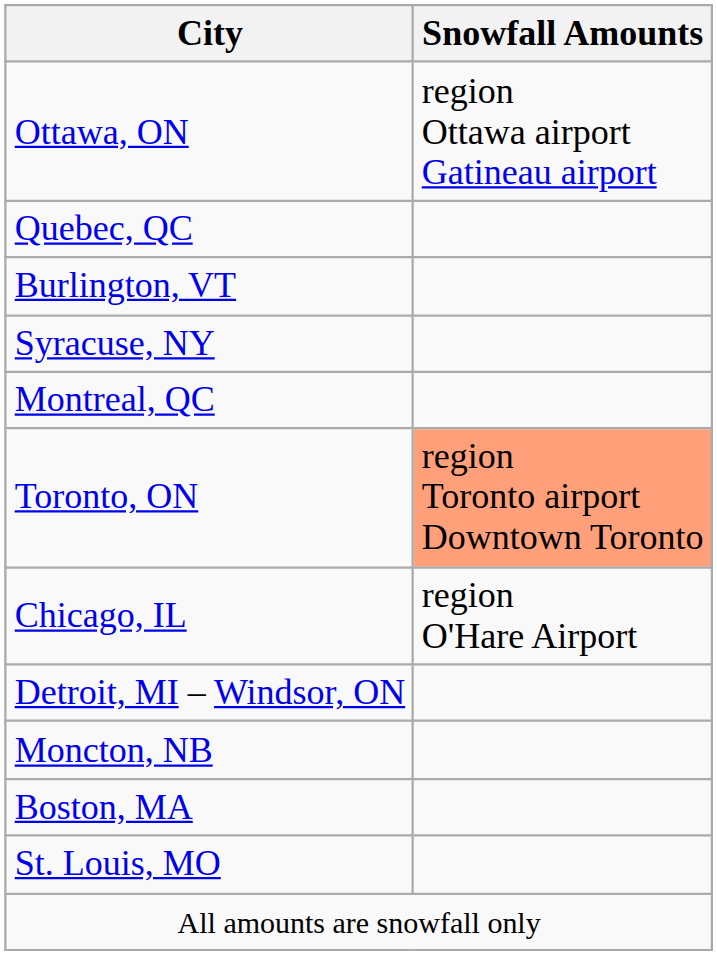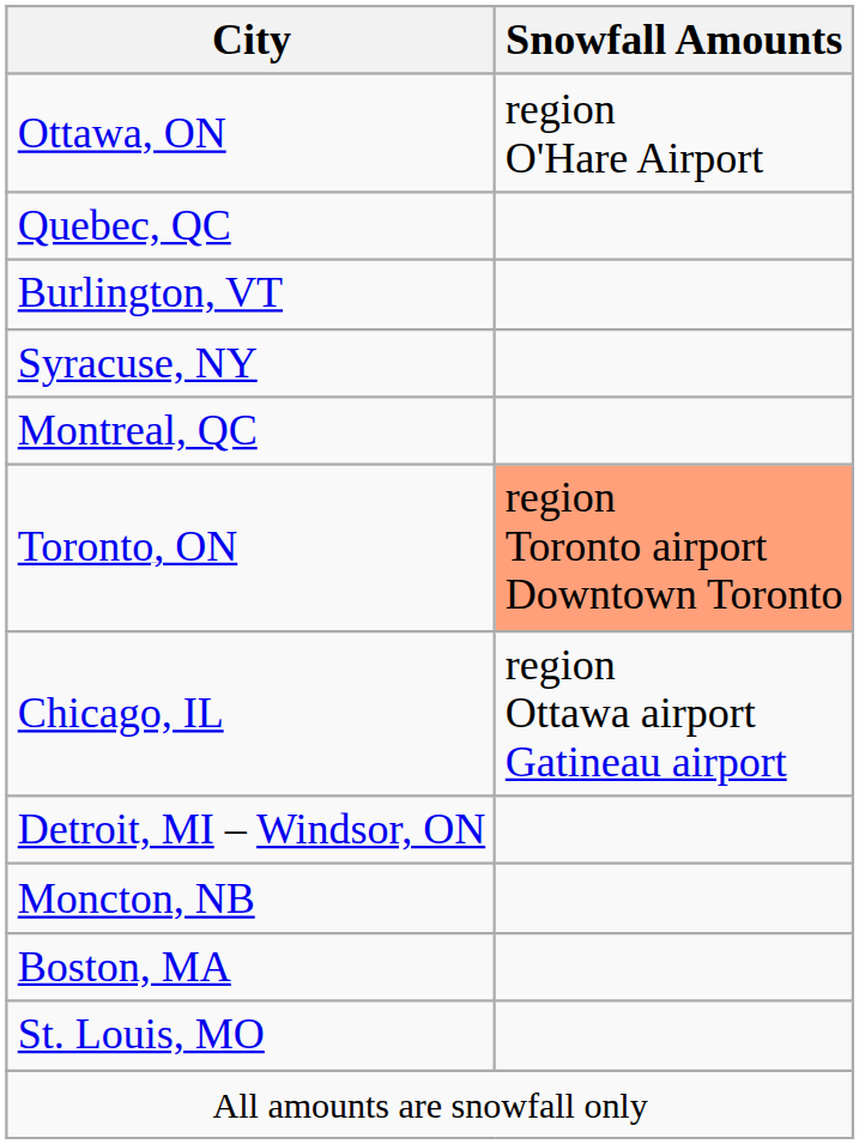 <table class="wikitable" style="margin:0.5em 0 0.5em 1em;float:right;clear:right;">
 <tr>
 <th>City</th>
 <th>Snowfall Amounts</th>
 </tr>
 <tr>
 <td><a href='#'>Ottawa, ON</a></td>
-<td> region <br> Ottawa airport <br>  <a href='#'>Gatineau airport</a></td>
+<td> region <br>  O'Hare Airport</td>
 </tr>
 <tr>
 <td><a href='#'>Quebec, QC</a></td>
 <td></td>
 </tr>
 <tr>
 <td><a href='#'>Burlington, VT</a></td>
 <td></td>
 </tr>
 <tr>
 <td><a href='#'>Syracuse, NY</a></td>
 <td></td>
 </tr>
 <tr>
 <td><a href='#'>Montreal, QC</a></td>
 <td></td>
 </tr>
 <tr>
 <td><a href='#'>Toronto, ON</a></td>
 <td style="background: lightsalmon;"> region <br>  Toronto airport <br>  Downtown Toronto</td>
 </tr>
 <tr>
 <td><a href='#'>Chicago, IL</a></td>
-<td> region <br>  O'Hare Airport</td>
+<td> region <br> Ottawa airport <br>  <a href='#'>Gatineau airport</a></td>
 </tr>
 <tr>
 <td><a href='#'>Detroit, MI</a> – <a href='#'>Windsor, ON</a></td>
 <td></td>
 </tr>
 <tr>
 <td><a href='#'>Moncton, NB</a></td>
 <td></td>
 </tr>
 <tr>
 <td><a href='#'>Boston, MA</a></td>
 <td></td>
 </tr>
 <tr>
 <td><a href='#'>St. Louis, MO</a></td>
 <td></td>
 </tr>
 <tr>
 <td colspan="3" style="text-align:center;"><small>All amounts are snowfall only</small></td>
 </tr>
 </table>
